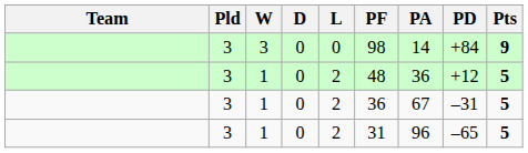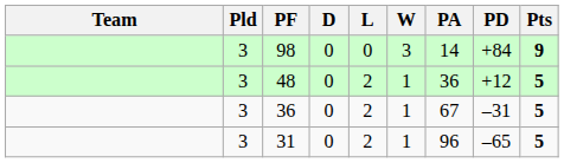 <table class="wikitable" style="text-align:center;">
 <tr>
 <th width=175>Team</th>
 <th width=25 abbr="Played">Pld</th>
-<th width=25 abbr="Won">W</th>
+<th width=32 abbr="Points for">PF</th>
 <th width=25 abbr="Drawn">D</th>
 <th width=25 abbr="Lost">L</th>
-<th width=32 abbr="Points for">PF</th>
+<th width=25 abbr="Won">W</th>
 <th width=32 abbr="Points against">PA</th>
 <th width=32 abbr="Points difference">PD</th>
 <th width=25 abbr="Points">Pts</th>
 </tr>
 <tr bgcolor=ccffcc>
 <td align=left></td>
 <td>3</td>
-<td>3</td>
+<td>98</td>
 <td>0</td>
 <td>0</td>
-<td>98</td>
+<td>3</td>
 <td>14</td>
 <td>+84</td>
 <td><strong>9</strong></td>
 </tr>
 <tr bgcolor=ccffcc>
 <td align=left></td>
 <td>3</td>
-<td>1</td>
+<td>48</td>
 <td>0</td>
 <td>2</td>
-<td>48</td>
+<td>1</td>
 <td>36</td>
 <td>+12</td>
 <td><strong>5</strong></td>
 </tr>
 <tr>
 <td align=left></td>
 <td>3</td>
-<td>1</td>
+<td>36</td>
 <td>0</td>
 <td>2</td>
-<td>36</td>
+<td>1</td>
 <td>67</td>
 <td>–31</td>
 <td><strong>5</strong></td>
 </tr>
 <tr>
 <td align=left></td>
 <td>3</td>
-<td>1</td>
+<td>31</td>
 <td>0</td>
 <td>2</td>
-<td>31</td>
+<td>1</td>
 <td>96</td>
 <td>–65</td>
 <td><strong>5</strong></td>
 </tr>
 </table>
